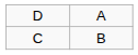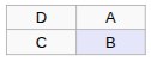 <table class="wikitable" style="margin:0.5em 1em; width:9em; text-align:center;" cellpadding=5>
 <tr>
 <td width="50%">D</td>
 <td width="50%">A</td>
 </tr>
 <tr>
 <td width="50%">C</td>
-<td width="50%">B</td>
+<td width="50%" style="background: lavender;">B</td>
 </tr>
 </table>
